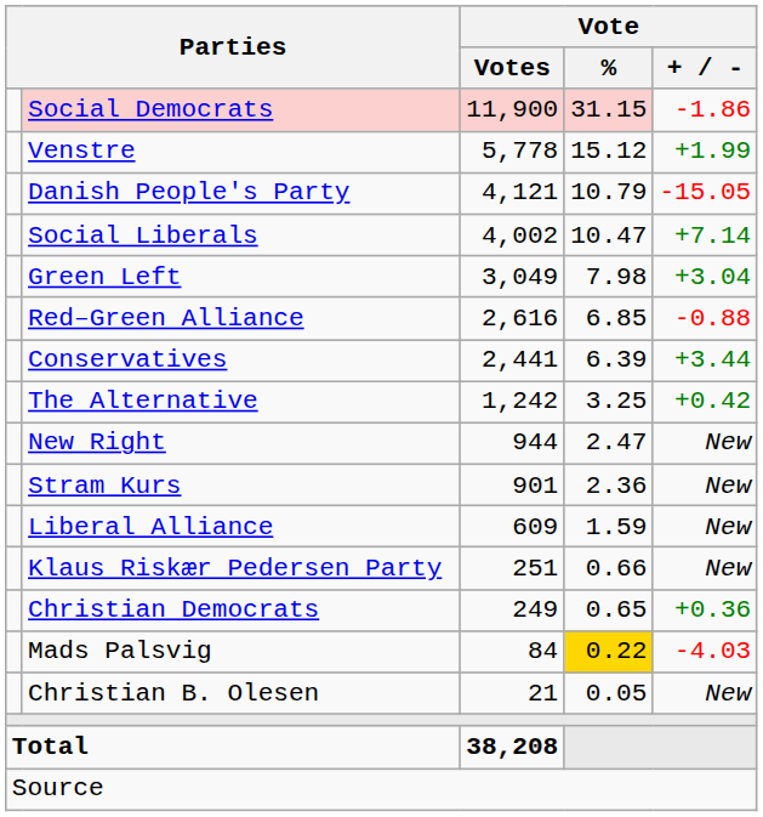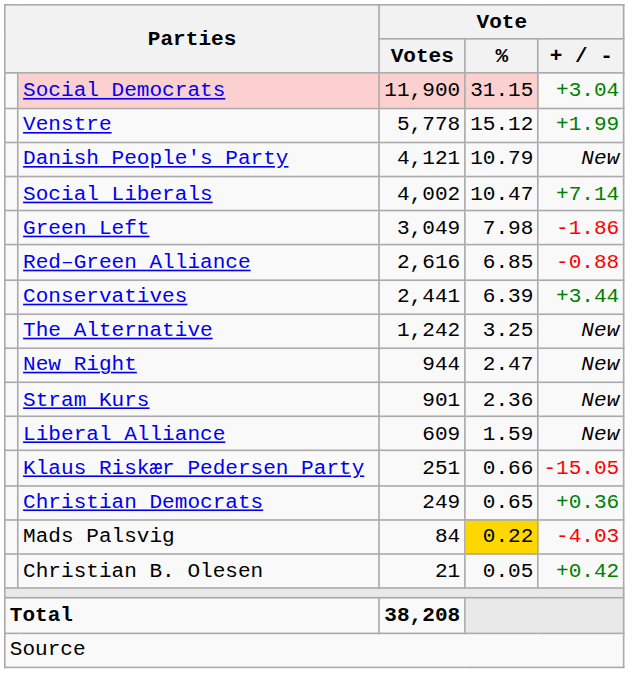 <table class="wikitable" style="text-align:right;">
 <tr>
 <th style="text-align:centre;" rowspan="2" colspan="2" width="225">Parties</th>
 <th colspan="3">Vote</th>
 </tr>
 <tr>
 <th width="15">Votes</th>
 <th width="15">%</th>
 <th width="15">+ / -</th>
 </tr>
 <tr>
 <td width="2" style="color:inherit;background:"></td>
 <td bgcolor=#fbd0ce  align="left"><a href='#'>Social Democrats</a></td>
 <td bgcolor=#fbd0ce>11,900</td>
 <td bgcolor=#fbd0ce>31.15</td>
-<td style=color:red;>-1.86</td>
+<td style=color:green;>+3.04</td>
 </tr>
 <tr>
 <td width="2" style="color:inherit;background:"></td>
 <td align="left"><a href='#'>Venstre</a></td>
 <td>5,778</td>
 <td>15.12</td>
 <td style=color:green;>+1.99</td>
 </tr>
 <tr>
 <td width="2" style="color:inherit;background:"></td>
 <td align="left"><a href='#'>Danish People's Party</a></td>
 <td>4,121</td>
 <td>10.79</td>
-<td style=color:red;>-15.05</td>
+<td><em>New</em></td>
 </tr>
 <tr>
 <td width="2" style="color:inherit;background:"></td>
 <td align="left"><a href='#'>Social Liberals</a></td>
 <td>4,002</td>
 <td>10.47</td>
 <td style=color:green;>+7.14</td>
 </tr>
 <tr>
 <td width="2" style="color:inherit;background:"></td>
 <td align="left"><a href='#'>Green Left</a></td>
 <td>3,049</td>
 <td>7.98</td>
-<td style=color:green;>+3.04</td>
+<td style=color:red;>-1.86</td>
 </tr>
 <tr>
 <td width="2" style="color:inherit;background:"></td>
 <td align="left"><a href='#'>Red–Green Alliance</a></td>
 <td>2,616</td>
 <td>6.85</td>
 <td style=color:red;>-0.88</td>
 </tr>
 <tr>
 <td width="2" style="color:inherit;background:"></td>
 <td align="left"><a href='#'>Conservatives</a></td>
 <td>2,441</td>
 <td>6.39</td>
 <td style=color:green;>+3.44</td>
 </tr>
 <tr>
 <td width="2" style="color:inherit;background:"></td>
 <td align="left"><a href='#'>The Alternative</a></td>
 <td>1,242</td>
 <td>3.25</td>
-<td style=color:green;>+0.42</td>
+<td><em>New</em></td>
 </tr>
 <tr>
 <td width="2" style="color:inherit;background:"></td>
 <td align="left"><a href='#'>New Right</a></td>
 <td>944</td>
 <td>2.47</td>
 <td><em>New</em></td>
 </tr>
 <tr>
 <td width="2" style="color:inherit;background:"></td>
 <td align="left"><a href='#'>Stram Kurs</a></td>
 <td>901</td>
 <td>2.36</td>
 <td><em>New</em></td>
 </tr>
 <tr>
 <td width="2" style="color:inherit;background:"></td>
 <td align="left"><a href='#'>Liberal Alliance</a></td>
 <td>609</td>
 <td>1.59</td>
 <td><em>New</em></td>
 </tr>
 <tr>
 <td width="2" style="color:inherit;background:"></td>
 <td align="left"><a href='#'>Klaus Riskær Pedersen Party</a></td>
 <td>251</td>
 <td>0.66</td>
-<td><em>New</em></td>
+<td style=color:red;>-15.05</td>
 </tr>
 <tr>
 <td width="2" style="color:inherit;background:"></td>
 <td align="left"><a href='#'>Christian Democrats</a></td>
 <td>249</td>
 <td>0.65</td>
 <td style=color:green;>+0.36</td>
 </tr>
 <tr>
 <td width="2" style="color:inherit;background:"></td>
 <td align="left">Mads Palsvig</td>
 <td>84</td>
 <td style="background: gold;">0.22</td>
 <td style=color:red;>-4.03</td>
 </tr>
 <tr>
 <td width="2" style="color:inherit;background:"></td>
 <td align="left">Christian B. Olesen</td>
 <td>21</td>
 <td>0.05</td>
-<td><em>New</em></td>
+<td style=color:green;>+0.42</td>
 </tr>
 <tr>
 <td colspan="7" bgcolor="#E9E9E9"></td>
 </tr>
 <tr>
 <td align="left" colspan="2"><strong>Total</strong></td>
 <td><strong>38,208</strong></td>
 <td bgcolor="#E9E9E9" colspan="2"></td>
 </tr>
 <tr>
 <td align="left" colspan="6">Source</td>
 </tr>
 </table>
